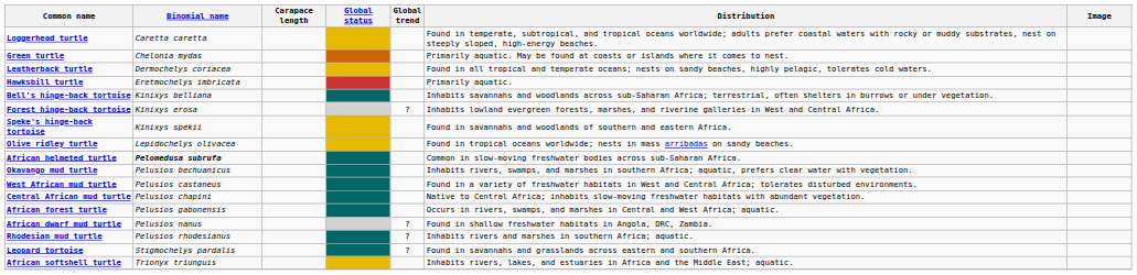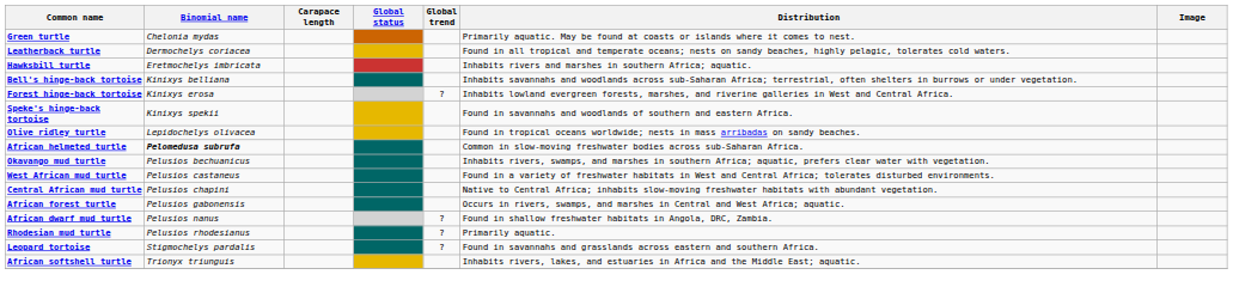 <table class="wikitable sortable" style="font-size: 85%">
 <tr>
 <th width="10%">Common name</th>
 <th width="10%"><a href='#'>Binomial name</a></th>
 <th width="5%">Carapace length</th>
 <th width="5%"><a href='#'>Global status</a></th>
 <th width="1%">Global trend</th>
 <th width="50%" class="unsortable">Distribution</th>
 <th width="5%" class="unsortable">Image</th>
-</tr>
-<tr>
-<td><strong><a href='#'>Loggerhead turtle</a></strong></td>
-<td><em>Caretta caretta</em></td>
-<td></td>
-<td align=center style="background: #e6b800"></td>
-<td align=center></td>
-<td>Found in temperate, subtropical, and tropical oceans worldwide; adults prefer coastal waters with rocky or muddy substrates, nest on steeply sloped, high-energy beaches.</td>
-<td></td>
 </tr>
 <tr>
 <td><strong><a href='#'>Green turtle</a></strong></td>
 <td><em>Chelonia mydas</em></td>
 <td></td>
 <td align=center style="background: #cc6402"></td>
 <td align=center></td>
 <td>Primarily aquatic. May be found at coasts or islands where it comes to nest.</td>
 <td></td>
 </tr>
 <tr>
 <td><strong><a href='#'>Leatherback turtle</a></strong></td>
 <td><em>Dermochelys coriacea</em></td>
 <td></td>
 <td align=center style="background: #e6b800"></td>
 <td align=center></td>
 <td>Found in all tropical and temperate oceans; nests on sandy beaches, highly pelagic, tolerates cold waters.</td>
 <td></td>
 </tr>
 <tr>
 <td><strong><a href='#'>Hawksbill turtle</a></strong></td>
 <td><em>Eretmochelys imbricata</em></td>
 <td></td>
 <td align=center style="background: #cb3331"></td>
 <td align=center></td>
-<td>Primarily aquatic.</td>
+<td>Inhabits rivers and marshes in southern Africa; aquatic.</td>
 <td></td>
 </tr>
 <tr>
 <td><strong><a href='#'>Bell's hinge-back tortoise</a></strong></td>
 <td><em>Kinixys belliana</em></td>
 <td></td>
 <td align=center style="background: #006666"></td>
 <td align=center></td>
 <td>Inhabits savannahs and woodlands across sub-Saharan Africa; terrestrial, often shelters in burrows or under vegetation.</td>
 <td></td>
 </tr>
 <tr>
 <td><strong><a href='#'>Forest hinge-back tortoise</a></strong></td>
 <td><em>Kinixys erosa</em></td>
 <td></td>
 <td align=center style="background: lightgray"></td>
 <td align=center>?</td>
 <td>Inhabits lowland evergreen forests, marshes, and riverine galleries in West and Central Africa.</td>
 <td></td>
 </tr>
 <tr>
 <td><strong><a href='#'>Speke's hinge-back tortoise</a></strong></td>
 <td><em>Kinixys spekii</em></td>
 <td></td>
 <td align=center style="background: #e6b800"></td>
 <td align=center></td>
 <td>Found in savannahs and woodlands of southern and eastern Africa.</td>
 <td></td>
 </tr>
 <tr>
 <td><strong><a href='#'>Olive ridley turtle</a></strong></td>
 <td><em>Lepidochelys olivacea</em></td>
 <td></td>
 <td align=center style="background: #e6b800"></td>
 <td align=center></td>
 <td>Found in tropical oceans worldwide; nests in mass <a href='#'>arribadas</a> on sandy beaches.</td>
 <td></td>
 </tr>
 <tr>
 <td><strong><a href='#'>African helmeted turtle</a></strong></td>
 <td><strong><em>Pelomedusa subrufa</em></strong></td>
 <td></td>
 <td align=center style="background: #006666"></td>
 <td align=center></td>
 <td>Common in slow-moving freshwater bodies across sub-Saharan Africa.</td>
 <td></td>
 </tr>
 <tr>
 <td><strong><a href='#'>Okavango mud turtle</a></strong></td>
 <td><em>Pelusios bechuanicus</em></td>
 <td></td>
 <td align=center style="background: #006666"></td>
 <td align=center></td>
 <td>Inhabits rivers, swamps, and marshes in southern Africa; aquatic, prefers clear water with vegetation.</td>
 <td></td>
 </tr>
 <tr>
 <td><strong><a href='#'>West African mud turtle</a></strong></td>
 <td><em>Pelusios castaneus</em></td>
 <td></td>
 <td align=center style="background: #006666"></td>
 <td align=center></td>
 <td>Found in a variety of freshwater habitats in West and Central Africa; tolerates disturbed environments.</td>
 <td></td>
 </tr>
 <tr>
 <td><strong><a href='#'>Central African mud turtle</a></strong></td>
 <td><em>Pelusios chapini</em></td>
 <td></td>
 <td align=center style="background: #006666"></td>
 <td align=center></td>
 <td>Native to Central Africa; inhabits slow-moving freshwater habitats with abundant vegetation.</td>
 <td></td>
 </tr>
 <tr>
 <td><strong><a href='#'>African forest turtle</a></strong></td>
 <td><em>Pelusios gabonensis</em></td>
 <td></td>
 <td align=center style="background: #006666"></td>
 <td align=center></td>
 <td>Occurs in rivers, swamps, and marshes in Central and West Africa; aquatic.</td>
 <td></td>
 </tr>
 <tr>
 <td><strong><a href='#'>African dwarf mud turtle</a></strong></td>
 <td><em>Pelusios nanus</em></td>
 <td></td>
 <td align=center style="background: lightgray"></td>
 <td align=center>?</td>
 <td>Found in shallow freshwater habitats in Angola, DRC, Zambia.</td>
 <td></td>
 </tr>
 <tr>
 <td><strong><a href='#'>Rhodesian mud turtle</a></strong></td>
 <td><em>Pelusios rhodesianus</em></td>
 <td></td>
 <td align=center style="background: #006666"></td>
 <td align=center>?</td>
-<td>Inhabits rivers and marshes in southern Africa; aquatic.</td>
+<td>Primarily aquatic.</td>
 <td></td>
 </tr>
 <tr>
 <td><strong><a href='#'>Leopard tortoise</a></strong></td>
 <td><em>Stigmochelys pardalis</em></td>
 <td></td>
 <td align=center style="background: #006666"></td>
 <td align=center>?</td>
 <td>Found in savannahs and grasslands across eastern and southern Africa.</td>
 <td></td>
 </tr>
 <tr>
 <td><strong><a href='#'>African softshell turtle</a></strong></td>
 <td><em>Trionyx triunguis</em></td>
 <td></td>
 <td align=center style="background: #e6b800"></td>
 <td align=center></td>
 <td>Inhabits rivers, lakes, and estuaries in Africa and the Middle East; aquatic.</td>
 <td></td>
 </tr>
 <tr>
 </tr>
 </table>
